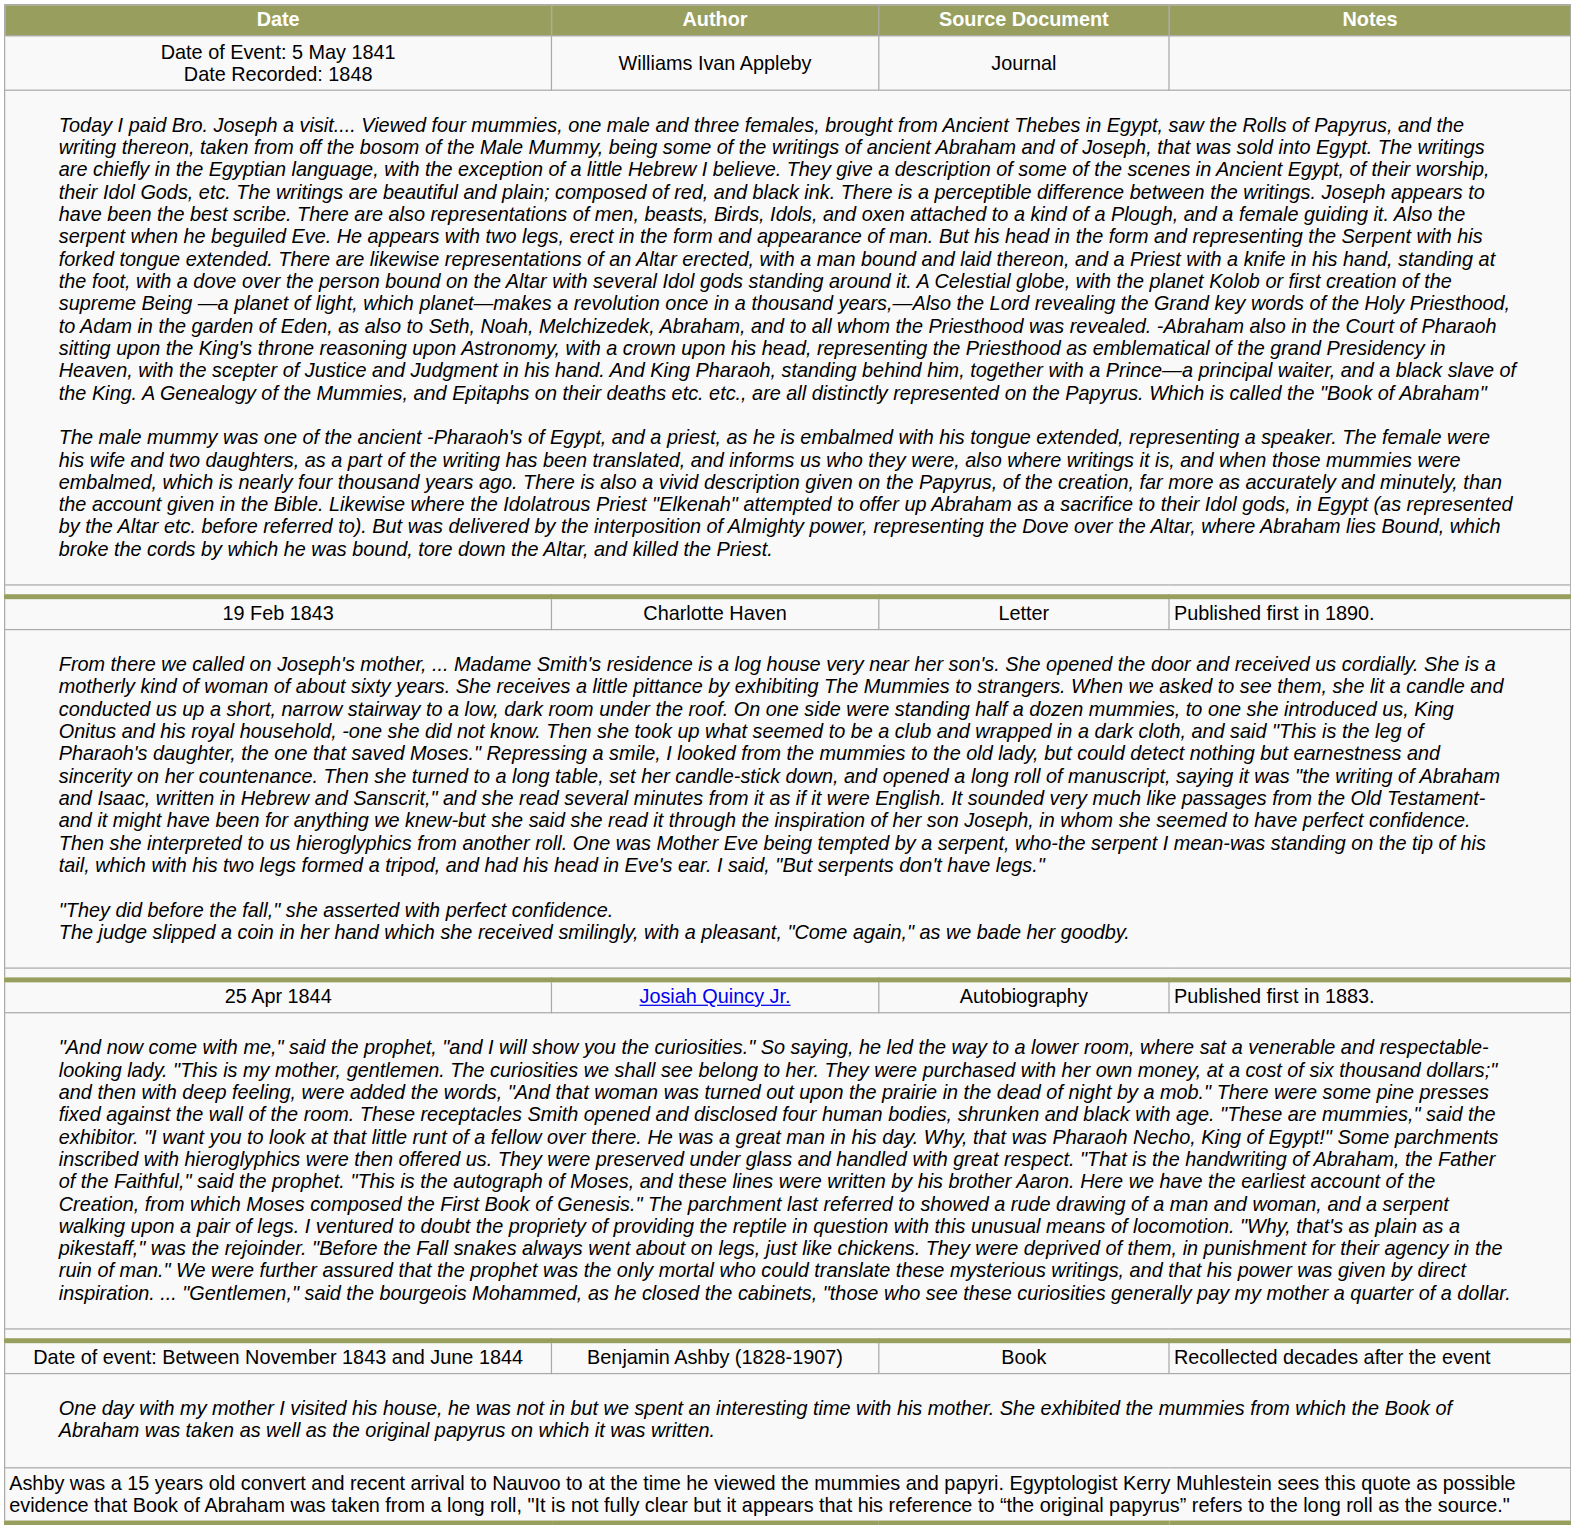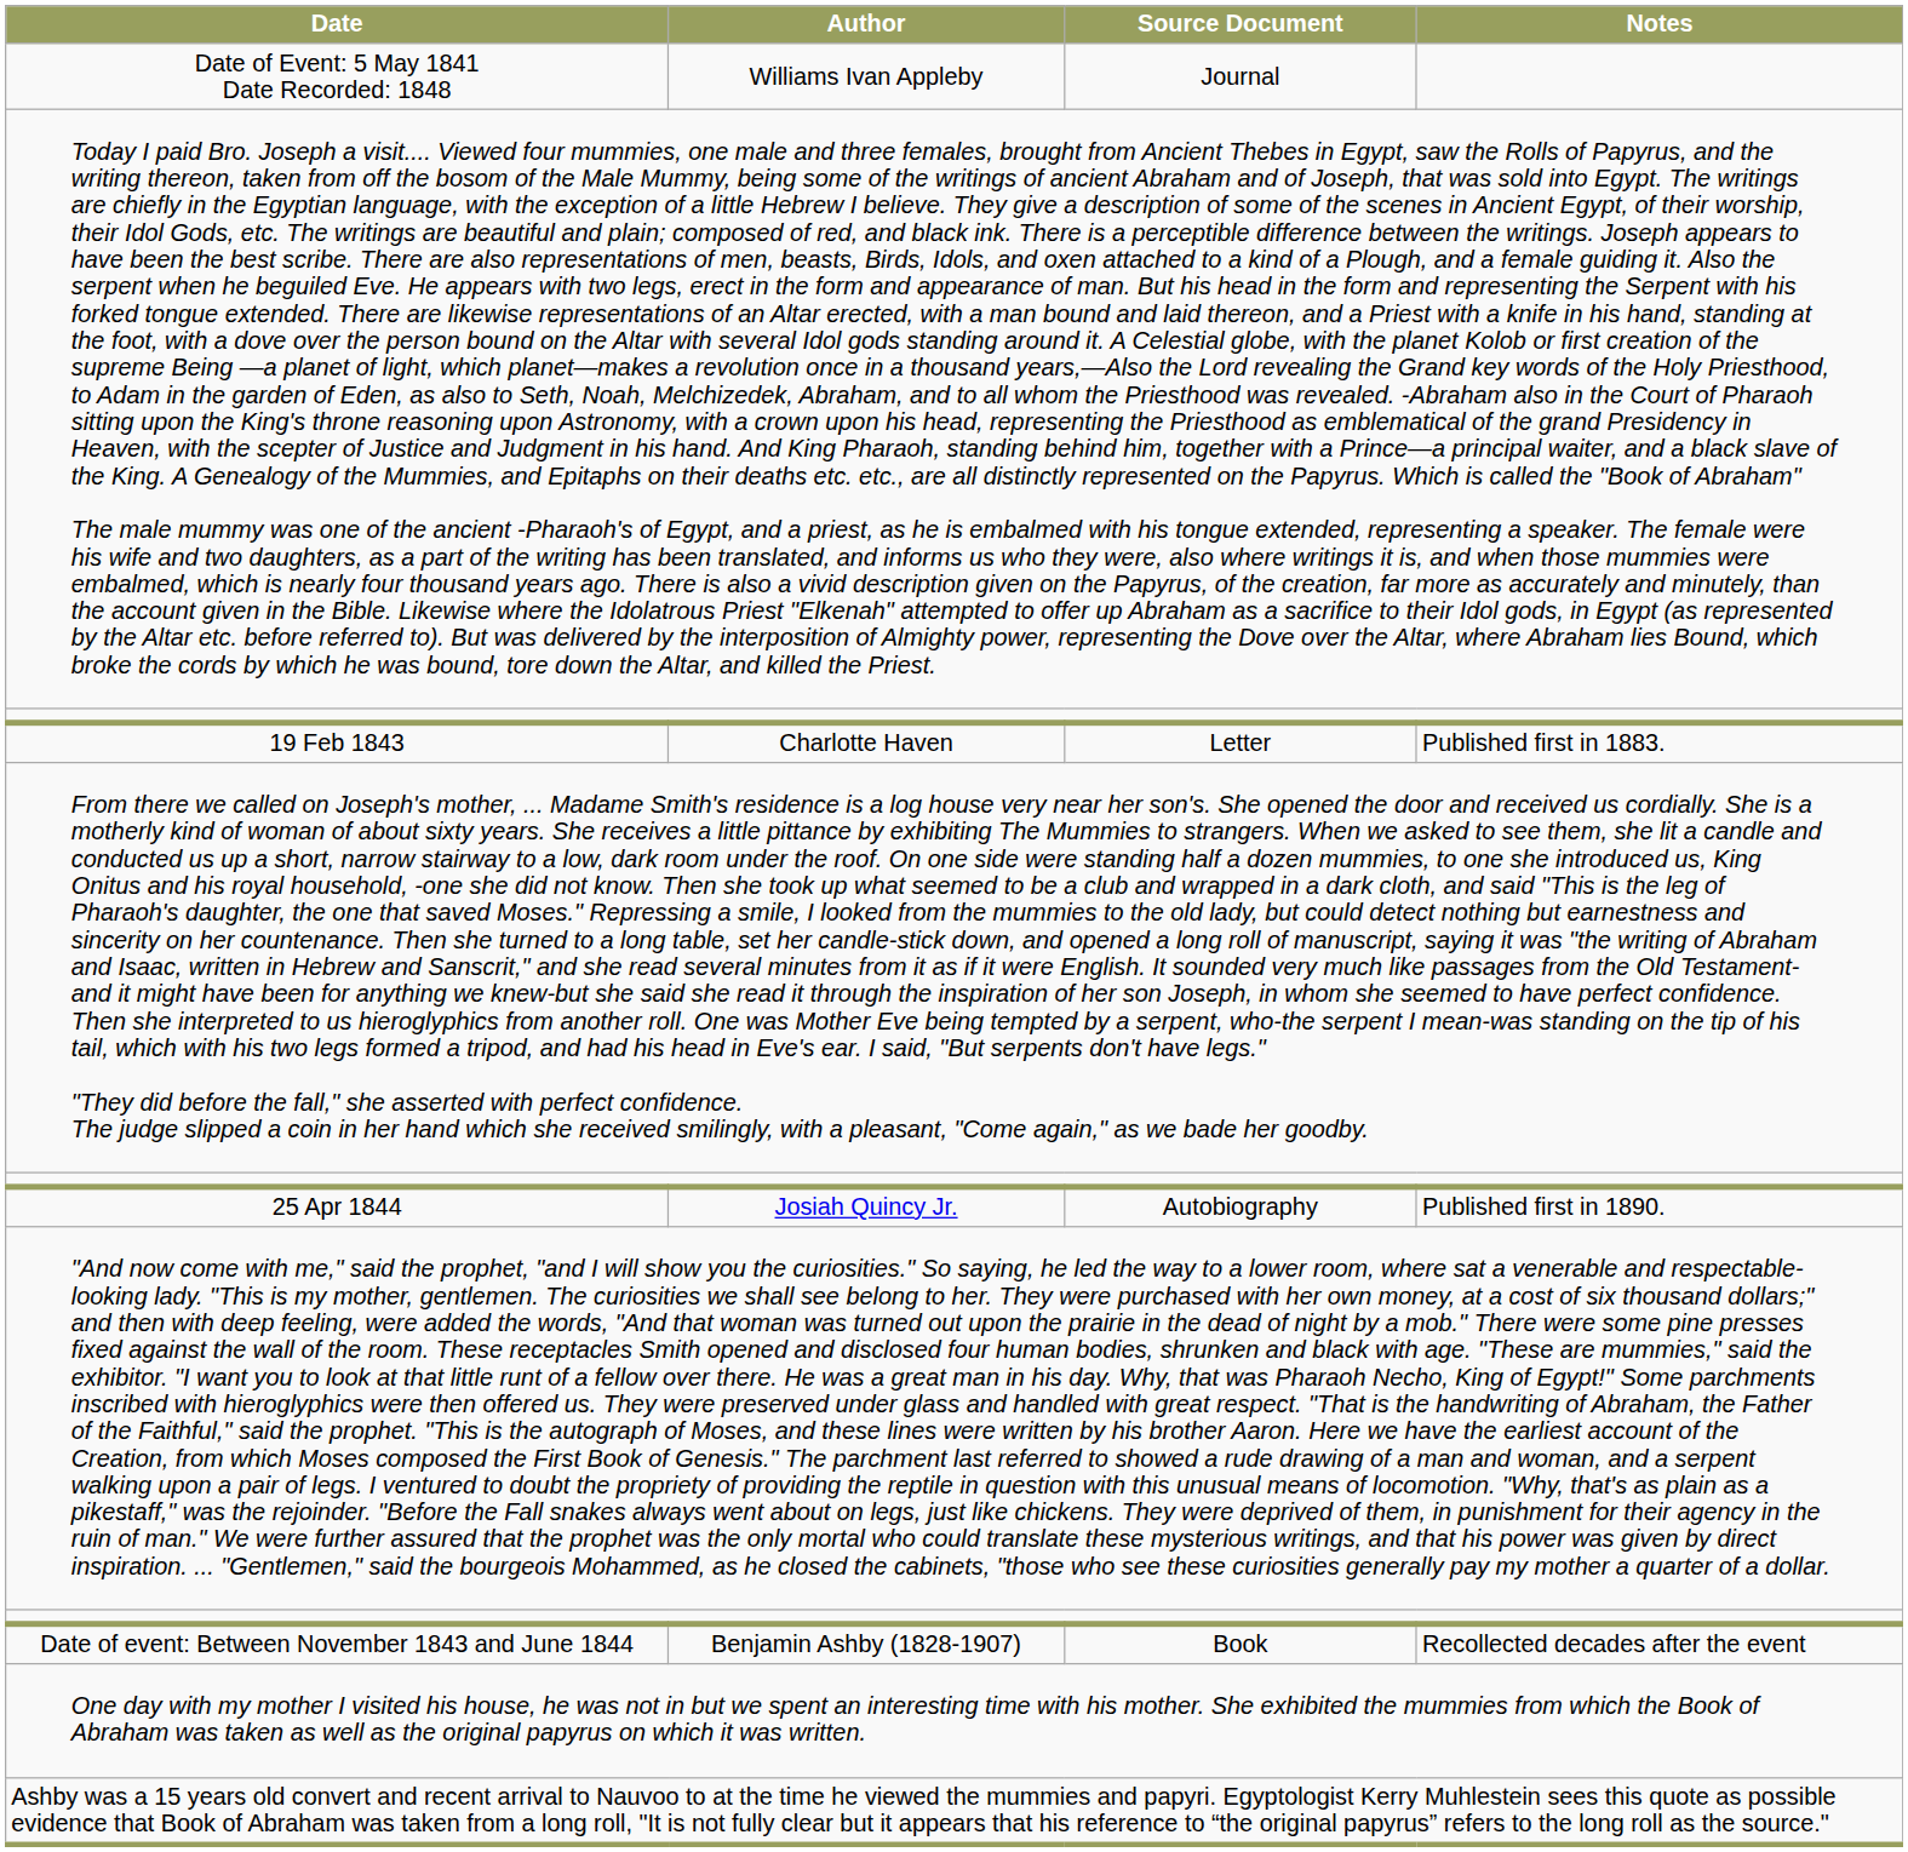 <table class="wikitable plainrowheaders" style="width:100%;">
 <tr>
 <th style="background: #989F5E; color:white">Date</th>
 <th style="background: #989F5E; color:white">Author</th>
 <th style="background: #989F5E; color:white">Source Document</th>
 <th style="background: #989F5E; color:white">Notes</th>
 </tr>
 <tr>
 <td align="center">Date of Event: 5 May 1841 <br> Date Recorded: 1848</td>
 <td align="center">Williams Ivan Appleby</td>
 <td align="center">Journal</td>
 <td></td>
 </tr>
 <tr>
 <td colspan="4"><blockquote><em>Today I paid Bro. Joseph a visit.... Viewed four mummies, one male and three females, brought from Ancient Thebes in Egypt, saw the Rolls of Papyrus, and the writing thereon, taken from off the bosom of the Male Mummy, being some of the writings of ancient Abraham and of Joseph, that was sold into Egypt.  The writings are chiefly in the Egyptian language, with the exception of a little Hebrew I believe.  They give a description of some of the scenes in Ancient Egypt, of their worship, their Idol Gods, etc. The writings are beautiful and plain; composed of red, and black ink. There is a perceptible difference between the writings. Joseph appears to have been the best scribe.  There are also representations of men, beasts, Birds, Idols, and oxen attached to a kind of a Plough, and a female guiding it.  Also the serpent when he beguiled Eve. He appears with two legs, erect in the form and appearance of man.  But his head in the form and representing the Serpent with his forked tongue extended.  There are likewise representations of an Altar erected, with a man bound and laid thereon, and a Priest with a knife in his hand, standing at the foot, with a dove over the person bound on the Altar with several Idol gods standing around it. A Celestial globe, with the planet Kolob or first creation of the supreme Being —a planet of light, which planet—makes a revolution once in a thousand years,—Also the Lord revealing the Grand key words of the Holy Priesthood, to Adam in the garden of Eden, as also to Seth, Noah, Melchizedek, Abraham, and to all whom the Priesthood was revealed. -Abraham also in the Court of Pharaoh sitting upon the King's throne reasoning upon Astronomy, with a crown upon his head, representing the Priesthood as emblematical of the grand Presidency in Heaven, with the scepter of Justice and Judgment in his hand. And King Pharaoh, standing behind him, together with a Prince—a principal waiter, and a black slave of the King. A Genealogy of the Mummies, and Epitaphs on their deaths etc. etc., are all distinctly represented on the Papyrus. Which is called the "Book of Abraham"</em><br><br> <em>The male mummy was one of the ancient -Pharaoh's of Egypt, and a priest, as he is embalmed with his tongue extended, representing a speaker. The female were his wife and two daughters, as a part of the writing has been translated, and informs us who they were, also where writings it is, and when those mummies were embalmed, which is nearly four thousand years ago. There is also a vivid description given on the Papyrus, of the creation, far more as accurately and minutely, than the account given in the Bible. Likewise where the Idolatrous Priest "Elkenah" attempted to offer up Abraham as a sacrifice to their Idol gods, in Egypt (as represented by the Altar etc. before referred to). But was delivered by the interposition of Almighty power, representing the Dove over the Altar, where Abraham lies Bound, which broke the cords by which he was bound, tore down the Altar, and killed the Priest.</em></blockquote></td>
 </tr>
 <tr style="border-bottom: 4px solid #989F5E;">
 <td colspan="4"></td>
 </tr>
 <tr>
 <td align="center">19 Feb 1843</td>
 <td align="center">Charlotte Haven</td>
 <td align="center">Letter</td>
-<td>Published first in 1890.</td>
+<td>Published first in 1883.</td>
 </tr>
 <tr>
 <td colspan="4"><blockquote><em>From there we called on Joseph's mother, ... Madame Smith's residence is a log house very near her son's.  She opened the door and received us cordially.  She is a motherly kind of woman of about sixty years.  She receives a little pittance by exhibiting The Mummies to strangers.  When we asked to see them, she lit a candle and conducted us up a short, narrow stairway to a low, dark room under the roof. On one side were standing half a dozen mummies, to one she introduced us, King Onitus and his royal household, -one she did not know.  Then she took up what seemed to be a club and wrapped in a dark cloth, and said "This is the leg of Pharaoh's daughter, the one that saved Moses."  Repressing a smile, I looked from the mummies to the old lady, but could detect nothing but earnestness and sincerity on her countenance.  Then she turned to a long table, set her candle-stick down, and opened a long roll of manuscript, saying it was "the writing of Abraham and Isaac, written in Hebrew and Sanscrit," and she read several minutes from it as if it were English.  It sounded very much like passages from the Old Testament-and it might have been for anything we knew-but she said she read it through the inspiration of her son Joseph, in whom she seemed to have perfect confidence. Then she interpreted to us hieroglyphics from another roll.  One was Mother Eve being tempted by a serpent, who-the serpent I mean-was standing on the tip of his tail, which with his two legs formed a tripod, and had his head in Eve's ear.  I said, "But serpents don't have legs."</em><br><br> <em>"They did before the fall," she asserted with perfect confidence.</em> <br> <em>The judge slipped a coin in her hand which she received smilingly, with a pleasant, "Come again," as we bade her goodby.</em></blockquote></td>
 </tr>
 <tr style="border-bottom: 4px solid #989F5E;">
 <td colspan="4"></td>
 </tr>
 <tr>
 <td align="center">25 Apr 1844</td>
 <td align="center"><a href='#'>Josiah Quincy Jr.</a></td>
 <td align="center">Autobiography</td>
-<td>Published first in 1883.</td>
+<td>Published first in 1890.</td>
 </tr>
 <tr>
 <td colspan="4"><blockquote><em>"And now come with me," said the prophet, "and I will show you the curiosities." So saying, he led the way to a lower room, where sat a venerable and respectable-looking lady. "This is my mother, gentlemen. The curiosities we shall see belong to her. They were purchased with her own money, at a cost of six thousand dollars;" and then with deep feeling, were added the words, "And that woman was turned out upon the prairie in the dead of night by a mob." There were some pine presses fixed against the wall of the room. These receptacles Smith opened and disclosed four human bodies, shrunken and black with age. "These are mummies," said the exhibitor. "I want you to look at that little runt of a fellow over there. He was a great  man in his day. Why, that was Pharaoh Necho, King of Egypt!" Some parchments inscribed with hieroglyphics were then offered us. They were preserved under glass and handled with great respect. "That is the handwriting of Abraham, the Father of the Faithful," said the prophet. "This is the autograph of Moses, and these lines were written by his brother Aaron. Here we have the earliest account of the Creation, from which Moses composed the First Book of Genesis." The parchment last referred to showed a rude drawing of a man and woman, and a serpent walking upon a pair of legs. I ventured to doubt the propriety of providing the reptile in question with this unusual means of locomotion. "Why, that's as plain as a pikestaff," was the rejoinder. "Before the Fall snakes always went about on legs, just like chickens. They were deprived of them, in punishment for their agency in the ruin of man." We were further assured that the prophet was the only mortal who could translate these mysterious writings, and that his power was given by direct inspiration.  ... "Gentlemen," said the bourgeois Mohammed, as he closed the cabinets, "those who see these curiosities generally pay my mother a quarter of a dollar.</em></blockquote></td>
 </tr>
 <tr style="border-bottom: 4px solid #989F5E;">
 <td colspan="4"></td>
 </tr>
 <tr>
 <td align="center">Date of event: Between November 1843 and June 1844</td>
 <td align="center">Benjamin Ashby (1828-1907)</td>
 <td align="center">Book</td>
 <td>Recollected decades after the event</td>
 </tr>
 <tr>
 <td colspan="4"><blockquote><em>One day with my mother I visited his house, he was not in but we spent an interesting time with his mother. She exhibited the mummies from which the Book of Abraham was taken as well as the original papyrus on which it was written.</em></blockquote></td>
 </tr>
 <tr style="border-bottom: 4px solid #989F5E;">
 <td colspan="4">Ashby was a 15 years old convert and recent arrival to Nauvoo to at the time he viewed the mummies and papyri.  Egyptologist Kerry Muhlestein sees this quote as possible evidence that Book of Abraham was taken from a long roll, "It is not fully clear but it appears that his reference to “the original papyrus” refers to the long roll as the source."</td>
 </tr>
 </table>
